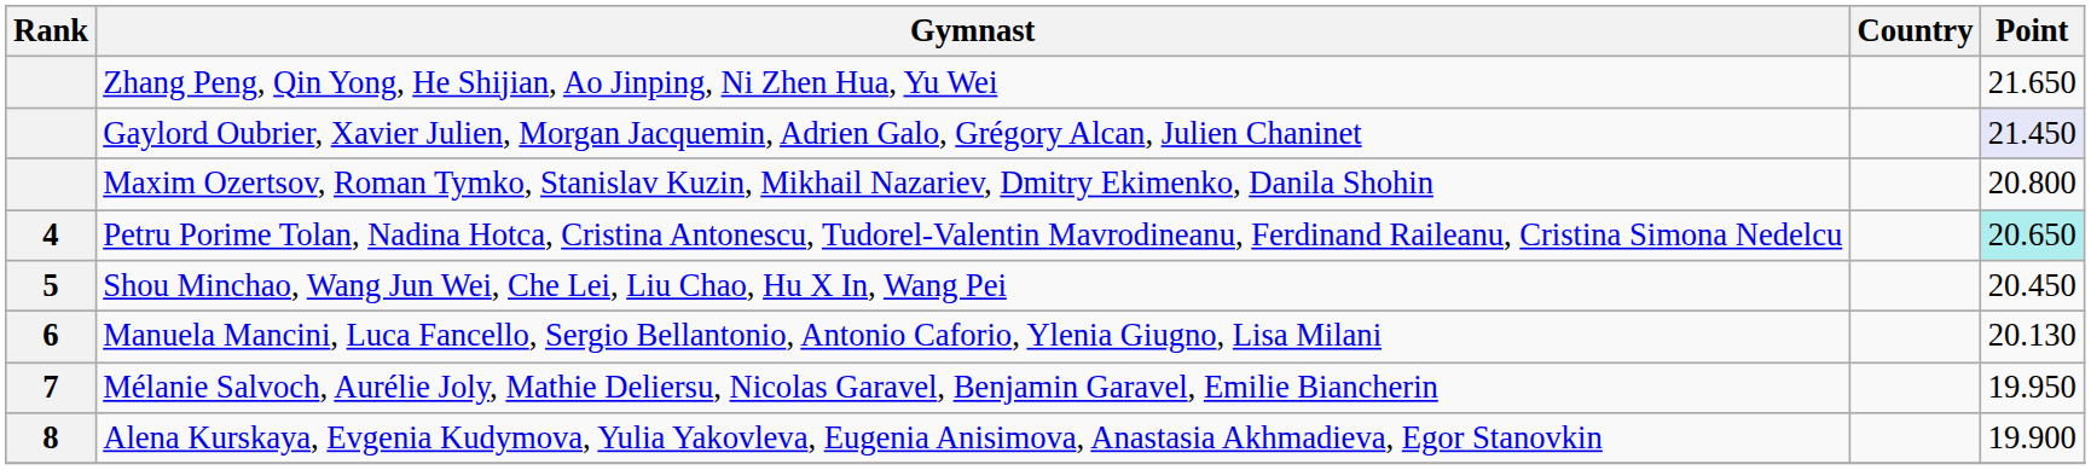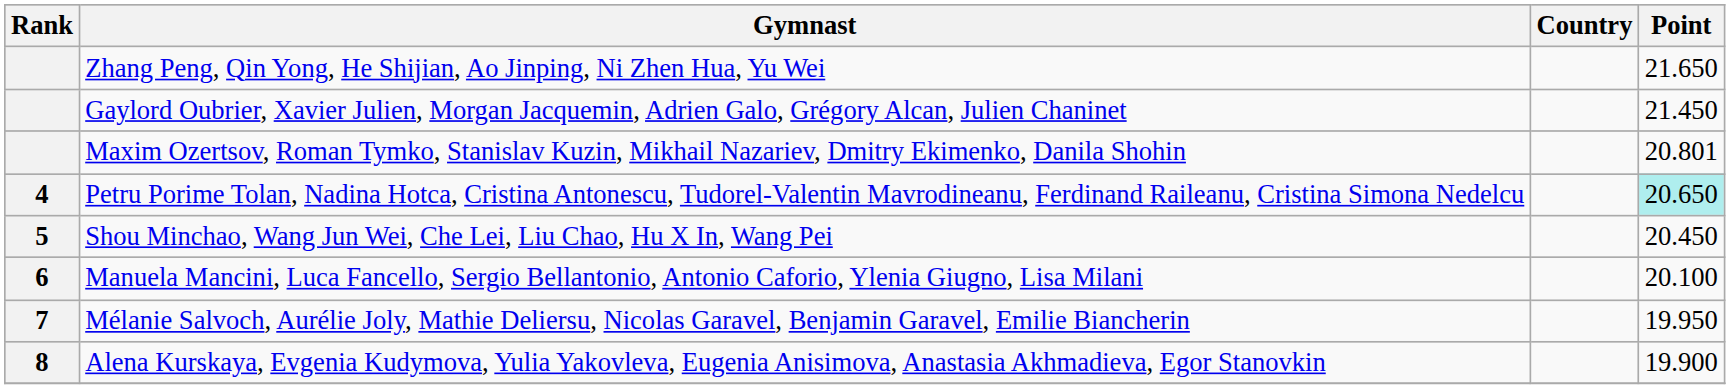 <table class="wikitable sortable">
 <tr>
 <th>Rank</th>
 <th>Gymnast</th>
 <th>Country</th>
 <th>Point</th>
 </tr>
 <tr>
 <th></th>
 <td><a href='#'>Zhang Peng</a>, <a href='#'>Qin Yong</a>, <a href='#'>He Shijian</a>, <a href='#'>Ao Jinping</a>, <a href='#'>Ni Zhen Hua</a>, <a href='#'>Yu Wei</a></td>
 <td></td>
 <td>21.650</td>
 </tr>
 <tr>
 <th></th>
 <td><a href='#'>Gaylord Oubrier</a>, <a href='#'>Xavier Julien</a>, <a href='#'>Morgan Jacquemin</a>, <a href='#'>Adrien Galo</a>, <a href='#'>Grégory Alcan</a>, <a href='#'>Julien Chaninet</a></td>
 <td></td>
-<td style="background: lavender;">21.450</td>
+<td>21.450</td>
 </tr>
 <tr>
 <th></th>
 <td><a href='#'>Maxim Ozertsov</a>, <a href='#'>Roman Tymko</a>, <a href='#'>Stanislav Kuzin</a>, <a href='#'>Mikhail Nazariev</a>, <a href='#'>Dmitry Ekimenko</a>, <a href='#'>Danila Shohin</a></td>
 <td></td>
-<td>20.800</td>
+<td>20.801</td>
 </tr>
 <tr>
 <th>4</th>
 <td><a href='#'>Petru Porime Tolan</a>, <a href='#'>Nadina Hotca</a>, <a href='#'>Cristina Antonescu</a>, <a href='#'>Tudorel-Valentin Mavrodineanu</a>, <a href='#'>Ferdinand Raileanu</a>, <a href='#'>Cristina Simona Nedelcu</a></td>
 <td></td>
 <td style="background: paleturquoise;">20.650</td>
 </tr>
 <tr>
 <th>5</th>
 <td><a href='#'>Shou Minchao</a>, <a href='#'>Wang Jun Wei</a>, <a href='#'>Che Lei</a>, <a href='#'>Liu Chao</a>, <a href='#'>Hu X In</a>, <a href='#'>Wang Pei</a></td>
 <td></td>
 <td>20.450</td>
 </tr>
 <tr>
 <th>6</th>
 <td><a href='#'>Manuela Mancini</a>, <a href='#'>Luca Fancello</a>, <a href='#'>Sergio Bellantonio</a>, <a href='#'>Antonio Caforio</a>, <a href='#'>Ylenia Giugno</a>, <a href='#'>Lisa Milani</a></td>
 <td></td>
-<td>20.130</td>
+<td>20.100</td>
 </tr>
 <tr>
 <th>7</th>
 <td><a href='#'>Mélanie Salvoch</a>, <a href='#'>Aurélie Joly</a>, <a href='#'>Mathie Deliersu</a>, <a href='#'>Nicolas Garavel</a>, <a href='#'>Benjamin Garavel</a>, <a href='#'>Emilie Biancherin</a></td>
 <td></td>
 <td>19.950</td>
 </tr>
 <tr>
 <th>8</th>
 <td><a href='#'>Alena Kurskaya</a>, <a href='#'>Evgenia Kudymova</a>, <a href='#'>Yulia Yakovleva</a>, <a href='#'>Eugenia Anisimova</a>, <a href='#'>Anastasia Akhmadieva</a>, <a href='#'>Egor Stanovkin</a></td>
 <td></td>
 <td>19.900</td>
 </tr>
 <tr>
 </tr>
 </table>
